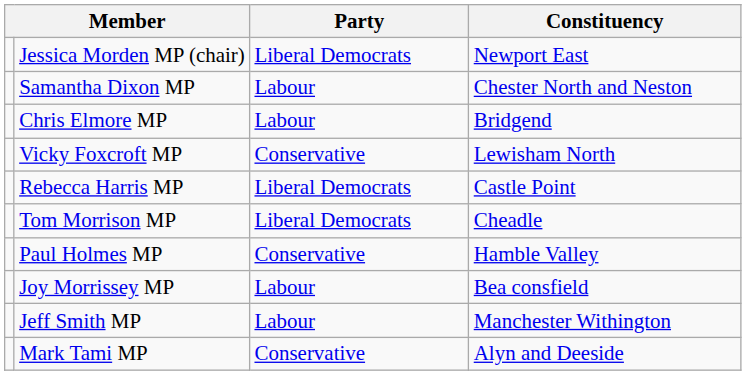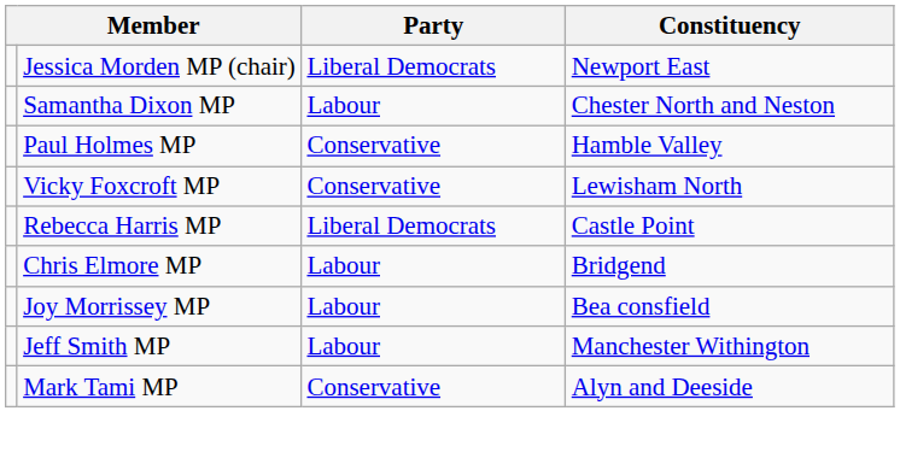 <table class="wikitable">
 <tr>
 <th width="160px" colspan="2" valign="top">Member</th>
 <th width="160px" valign="top">Party</th>
 <th width="200px" valign="top">Constituency</th>
 </tr>
 <tr>
 <td style="color:inherit;background:"></td>
 <td><a href='#'>Jessica Morden</a> MP (chair)</td>
 <td><a href='#'>Liberal Democrats</a></td>
 <td><a href='#'>Newport East</a></td>
 </tr>
 <tr>
 <td style="color:inherit;background:"></td>
 <td><a href='#'>Samantha Dixon</a> MP</td>
 <td><a href='#'>Labour</a></td>
 <td><a href='#'>Chester North and Neston</a></td>
 </tr>
 <tr>
 <td style="color:inherit;background:"></td>
-<td><a href='#'>Chris Elmore</a> MP</td>
-<td><a href='#'>Labour</a></td>
-<td><a href='#'>Bridgend</a></td>
+<td><a href='#'>Paul Holmes</a> MP</td>
+<td><a href='#'>Conservative</a></td>
+<td><a href='#'>Hamble Valley</a></td>
 </tr>
 <tr>
 <td style="color:inherit;background:"></td>
 <td><a href='#'>Vicky Foxcroft</a> MP</td>
 <td><a href='#'>Conservative</a></td>
 <td><a href='#'>Lewisham North</a></td>
 </tr>
 <tr>
 <td style="color:inherit;background:"></td>
 <td><a href='#'>Rebecca Harris</a> MP</td>
 <td><a href='#'>Liberal Democrats</a></td>
 <td><a href='#'>Castle Point</a></td>
 </tr>
 <tr>
 <td style="color:inherit;background:"></td>
-<td><a href='#'>Tom Morrison</a> MP</td>
-<td><a href='#'>Liberal Democrats</a></td>
-<td><a href='#'>Cheadle</a></td>
-</tr>
-<tr>
-<td style="color:inherit;background:"></td>
-<td><a href='#'>Paul Holmes</a> MP</td>
-<td><a href='#'>Conservative</a></td>
-<td><a href='#'>Hamble Valley</a></td>
+<td><a href='#'>Chris Elmore</a> MP</td>
+<td><a href='#'>Labour</a></td>
+<td><a href='#'>Bridgend</a></td>
 </tr>
 <tr>
 <td style="color:inherit;background:"></td>
 <td><a href='#'>Joy Morrissey</a> MP</td>
 <td><a href='#'>Labour</a></td>
 <td><a href='#'>Bea consfield</a></td>
 </tr>
 <tr>
 <td style="color:inherit;background:"></td>
 <td><a href='#'>Jeff Smith</a> MP</td>
 <td><a href='#'>Labour</a></td>
 <td><a href='#'>Manchester Withington</a></td>
 </tr>
 <tr>
 <td style="color:inherit;background:"></td>
 <td><a href='#'>Mark Tami</a> MP</td>
 <td><a href='#'>Conservative</a></td>
 <td><a href='#'>Alyn and Deeside</a></td>
 </tr>
 </table>
